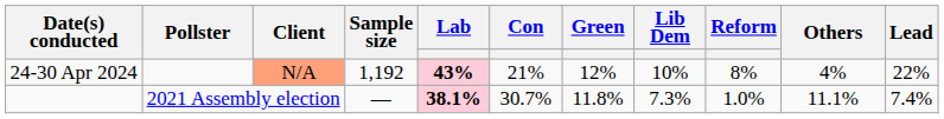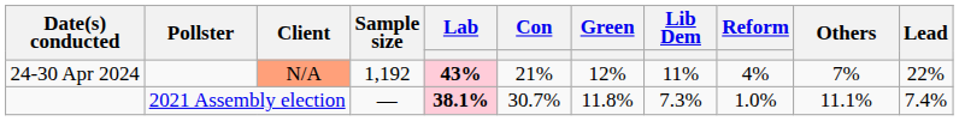 <table class="wikitable sortable mw-datatable" style="text-align:center;line-height:14px;">
 <tr>
 <th rowspan="2">Date(s)<br>conducted</th>
 <th rowspan="2">Pollster</th>
 <th rowspan="2">Client</th>
 <th rowspan="2" data-sort-type="number">Sample<br>size</th>
 <th style="width:50px;" class="unsortable"><a href='#'>Lab</a></th>
 <th style="width:50px;" class="unsortable"><a href='#'>Con</a></th>
 <th style="width:50px;" class="unsortable"><a href='#'>Green</a></th>
 <th style="width:50px;" class="unsortable"><a href='#'>Lib Dem</a></th>
 <th style="width:50px;" class="unsortable"><a href='#'>Reform</a></th>
 <th rowspan="2" class="unsortable" style="width:75px;">Others</th>
 <th rowspan="2" data-sort-type="number">Lead</th>
 </tr>
 <tr>
 <th data-sort-type="number" style="background:"></th>
 <th data-sort-type="number" style="background:"></th>
 <th data-sort-type="number" style="background:"></th>
 <th data-sort-type="number" style="background:"></th>
 <th data-sort-type="number" style="background:"></th>
 </tr>
 <tr>
 <td>24-30 Apr 2024</td>
 <td></td>
 <td style="background: lightsalmon;">N/A</td>
 <td>1,192</td>
 <td style="background:#FFCCD9"><strong>43%</strong></td>
 <td>21%</td>
 <td>12%</td>
-<td>10%</td>
-<td>8%</td>
+<td>11%</td>
 <td>4%</td>
+<td>7%</td>
 <td style="background:">22%</td>
 </tr>
 <tr>
 <td></td>
 <td colspan="2"><a href='#'>2021 Assembly election</a></td>
 <td>—</td>
 <td style="background:#FFCCD9;"><strong>38.1%</strong></td>
 <td>30.7%</td>
 <td>11.8%</td>
 <td>7.3%</td>
 <td>1.0%</td>
 <td>11.1%</td>
 <td style="background:">7.4%</td>
 </tr>
 </table>
